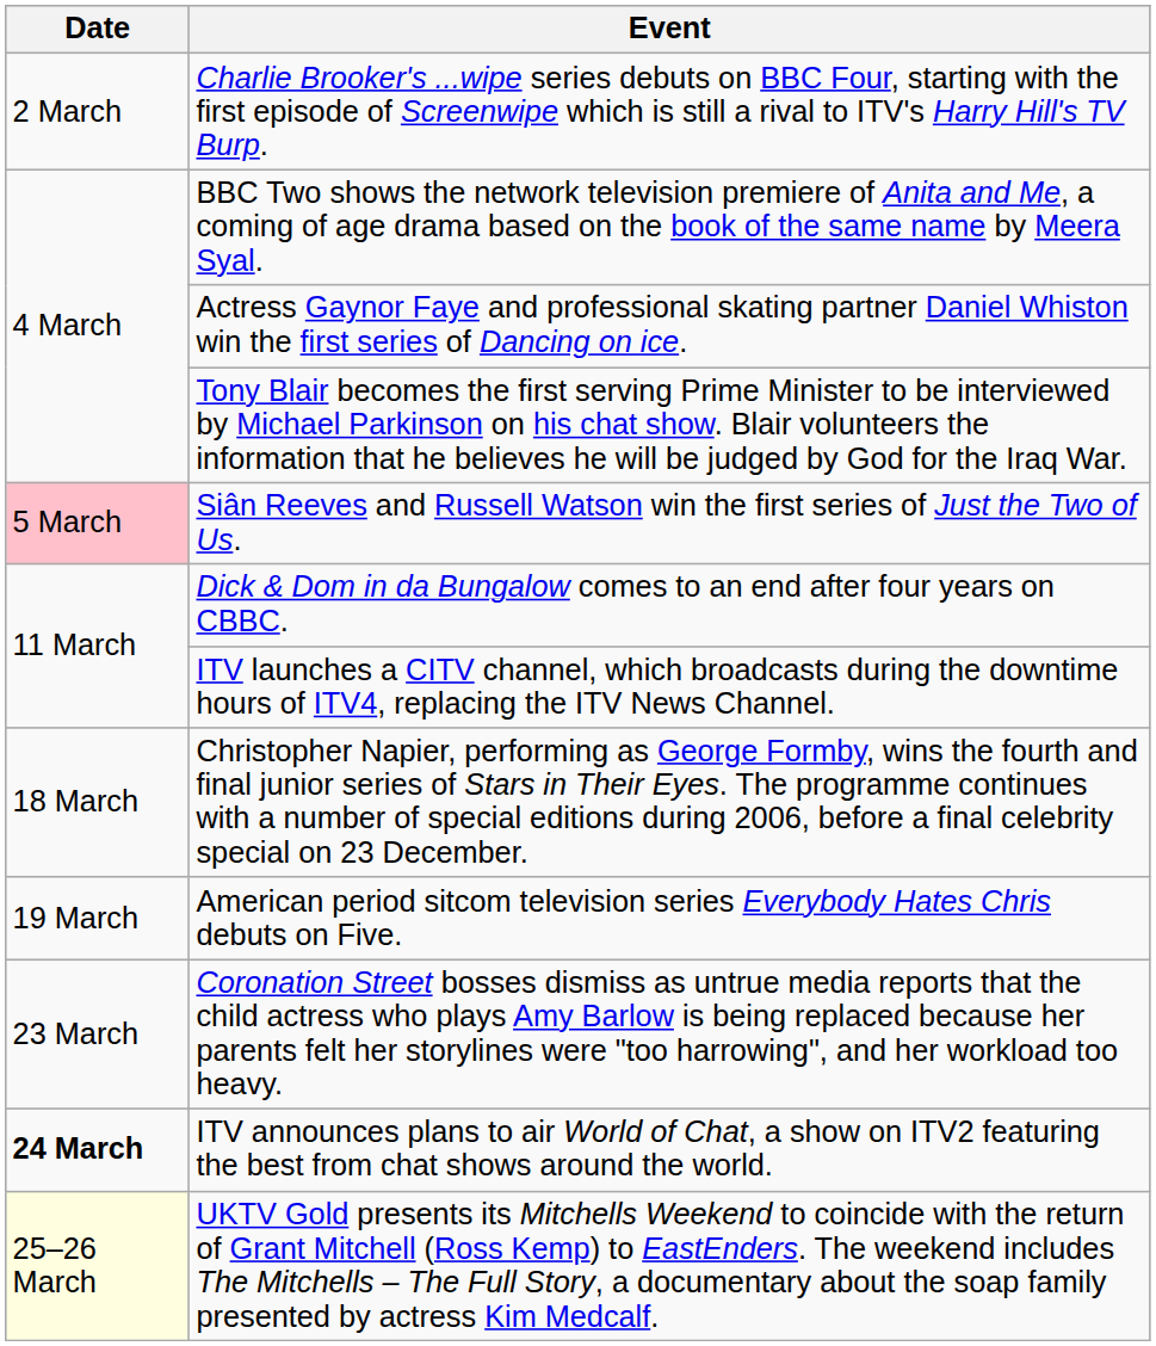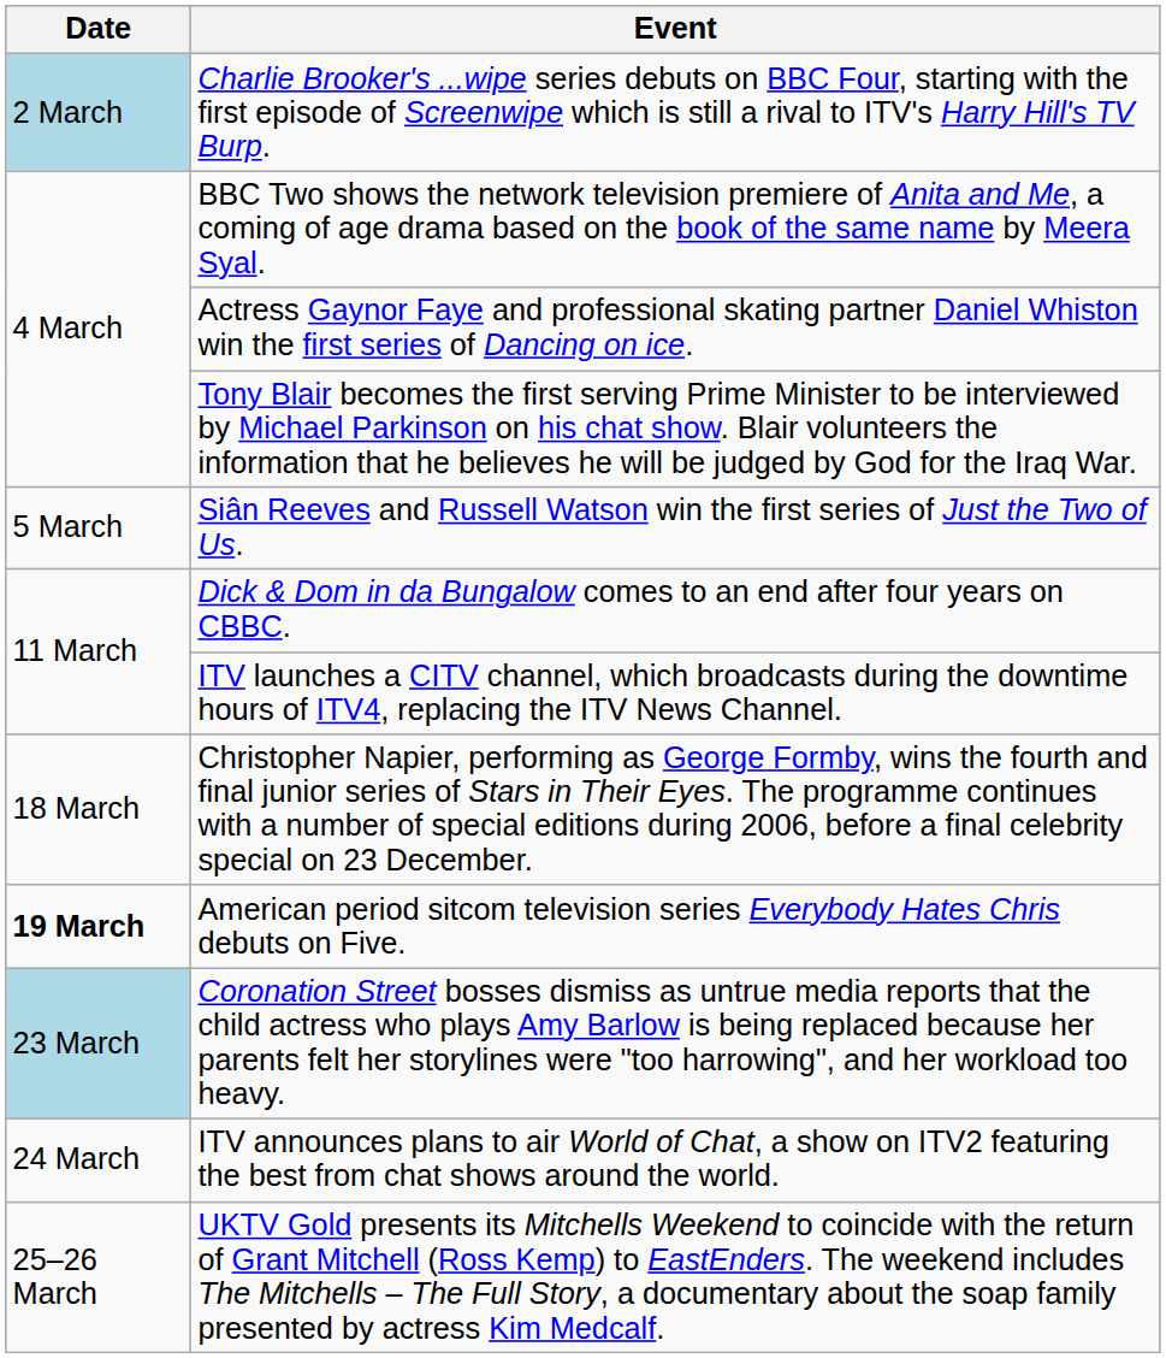 <table class="wikitable">
 <tr>
 <th width=90>Date</th>
 <th>Event</th>
 </tr>
 <tr>
-<td>2 March</td>
+<td style="background: lightblue;">2 March</td>
 <td><em><a href='#'>Charlie Brooker's ...wipe</a></em> series debuts on <a href='#'>BBC Four</a>, starting with the first episode of <em><a href='#'>Screenwipe</a></em> which is still a rival to ITV's <em><a href='#'>Harry Hill's TV Burp</a></em>.</td>
 </tr>
 <tr>
 <td rowspan=3>4 March</td>
 <td>BBC Two shows the network television premiere of <em><a href='#'>Anita and Me</a></em>, a coming of age drama based on the <a href='#'>book of the same name</a> by <a href='#'>Meera Syal</a>.</td>
 </tr>
 <tr>
 <td>Actress <a href='#'>Gaynor Faye</a> and professional skating partner <a href='#'>Daniel Whiston</a> win the <a href='#'>first series</a> of <em><a href='#'>Dancing on ice</a></em>.</td>
 </tr>
 <tr>
 <td><a href='#'>Tony Blair</a> becomes the first serving Prime Minister to be interviewed by <a href='#'>Michael Parkinson</a> on <a href='#'>his chat show</a>. Blair volunteers the information that he believes he will be judged by God for the Iraq War.</td>
 </tr>
 <tr>
-<td style="background: pink;">5 March</td>
+<td>5 March</td>
 <td><a href='#'>Siân Reeves</a> and <a href='#'>Russell Watson</a> win the first series of <em><a href='#'>Just the Two of Us</a></em>.</td>
 </tr>
 <tr>
 <td rowspan=2>11 March</td>
 <td><em><a href='#'>Dick & Dom in da Bungalow</a></em> comes to an end after four years on <a href='#'>CBBC</a>.</td>
 </tr>
 <tr>
 <td><a href='#'>ITV</a> launches a <a href='#'>CITV</a> channel, which broadcasts during the downtime hours of <a href='#'>ITV4</a>, replacing the ITV News Channel.</td>
 </tr>
 <tr>
 <td>18 March</td>
 <td>Christopher Napier, performing as <a href='#'>George Formby</a>, wins the fourth and final junior series of <em>Stars in Their Eyes</em>. The programme continues with a number of special editions during 2006, before a final celebrity special on 23 December.</td>
 </tr>
 <tr>
-<td>19 March</td>
+<td><strong>19 March</strong></td>
 <td>American period sitcom television series <em><a href='#'>Everybody Hates Chris</a></em> debuts on Five.</td>
 </tr>
 <tr>
-<td>23 March</td>
+<td style="background: lightblue;">23 March</td>
 <td><em><a href='#'>Coronation Street</a></em> bosses dismiss as untrue media reports that the child actress who plays <a href='#'>Amy Barlow</a> is being replaced because her parents felt her storylines were "too harrowing", and her workload too heavy.</td>
 </tr>
 <tr>
-<td><strong>24 March</strong></td>
+<td>24 March</td>
 <td>ITV announces plans to air <em>World of Chat</em>, a show on ITV2 featuring the best from chat shows around the world.</td>
 </tr>
 <tr>
-<td style="background: lightyellow;">25–26 March</td>
+<td>25–26 March</td>
 <td><a href='#'>UKTV Gold</a> presents its <em>Mitchells Weekend</em> to coincide with the return of <a href='#'>Grant Mitchell</a> (<a href='#'>Ross Kemp</a>) to <em><a href='#'>EastEnders</a></em>. The weekend includes <em>The Mitchells – The Full Story</em>, a documentary about the soap family presented by actress <a href='#'>Kim Medcalf</a>.</td>
 </tr>
 </table>
